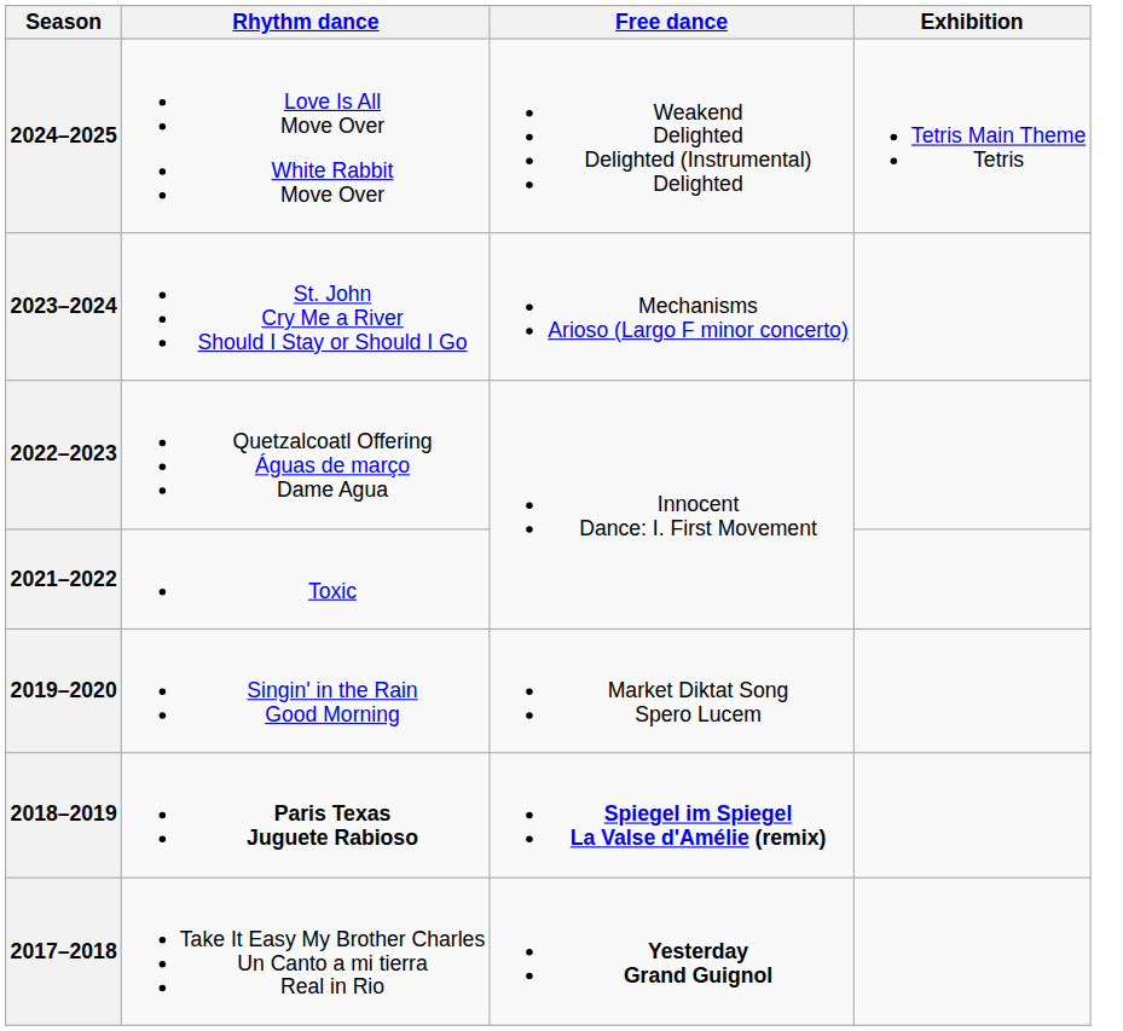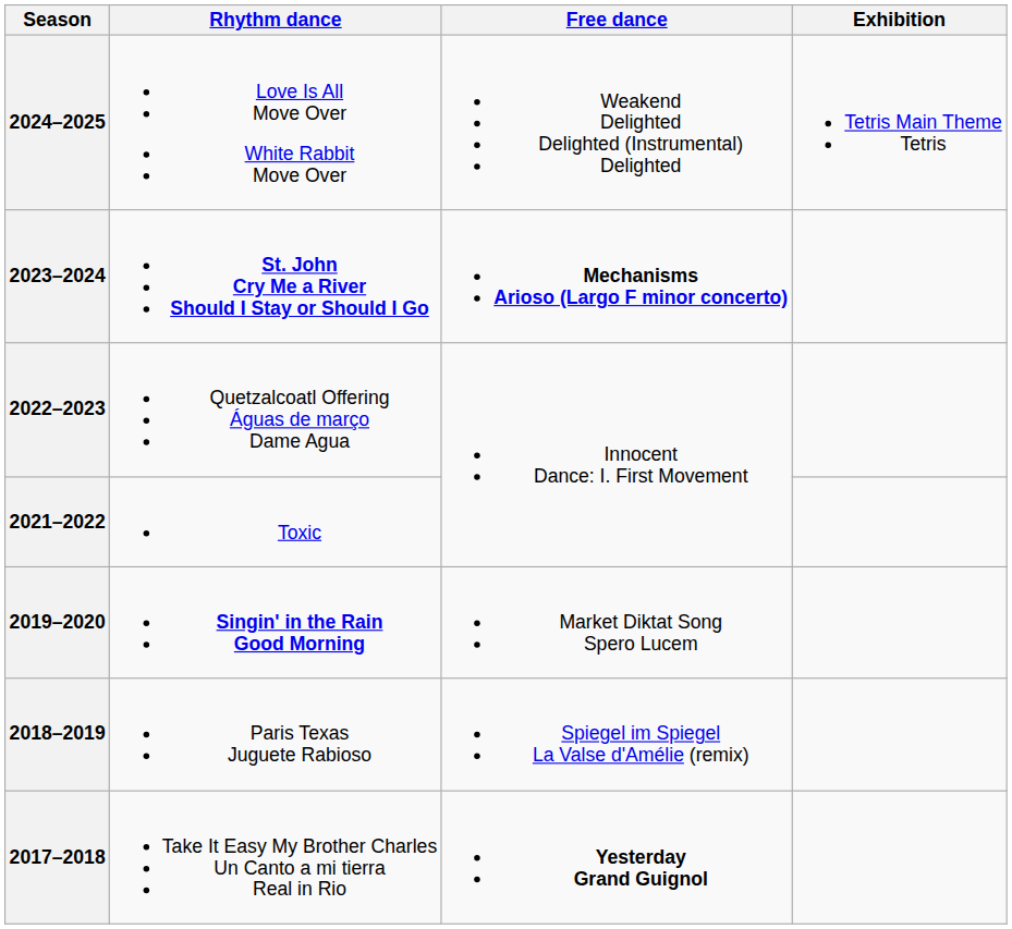 <table class=wikitable style=text-align:center>
 <tr>
 <th>Season</th>
 <th><a href='#'>Rhythm dance</a></th>
 <th><a href='#'>Free dance</a></th>
 <th>Exhibition</th>
 </tr>
 <tr>
 <th>2024–2025 <br> </th>
 <td><br><ul><li><a href='#'>Love Is All</a> <br> </li><li>Move Over <br> </li></ul><ul><li><a href='#'>White Rabbit</a> <br> </li><li>Move Over <br> </li></ul></td>
 <td><br><ul><li>Weakend</li><li>Delighted</li><li>Delighted (Instrumental)</li><li>Delighted <br> </li></ul></td>
 <td><br><ul><li><a href='#'>Tetris Main Theme</a> <br> </li><li>Tetris <br> </li></ul></td>
 </tr>
 <tr>
 <th>2023–2024 <br> </th>
-<td><br><ul><li><a href='#'>St. John</a></li><li><a href='#'>Cry Me a River</a> <br> </li><li><a href='#'>Should I Stay or Should I Go</a> <br> </li></ul></td>
-<td><br><ul><li>Mechanisms <br> </li><li><a href='#'>Arioso (Largo F minor concerto)</a> <br> </li></ul></td>
+<td><strong><br><ul><li><a href='#'>St. John</a></li><li><a href='#'>Cry Me a River</a> <br> </li><li><a href='#'>Should I Stay or Should I Go</a> <br> </li></ul></strong></td>
+<td><strong><br><ul><li>Mechanisms <br> </li><li><a href='#'>Arioso (Largo F minor concerto)</a> <br> </li></ul></strong></td>
 <td></td>
 </tr>
 <tr>
 <th>2022–2023 <br> </th>
 <td><br><ul><li> Quetzalcoatl Offering <br> </li><li> <a href='#'>Águas de março</a> <br> </li><li> Dame Agua <br> </li></ul></td>
 <td rowspan=2><br><ul><li>Innocent <br> </li><li>Dance: I. First Movement <br> </li></ul></td>
 <td></td>
 </tr>
 <tr>
 <th>2021–2022</th>
 <td><br><ul><li><a href='#'>Toxic</a> <br> </li></ul></td>
 <td></td>
 </tr>
 <tr>
 <th>2019–2020 <br> </th>
-<td><br><ul><li> <a href='#'>Singin' in the Rain</a></li><li> <a href='#'>Good Morning</a> <br> </li></ul></td>
+<td><strong><br><ul><li> <a href='#'>Singin' in the Rain</a></li><li> <a href='#'>Good Morning</a> <br> </li></ul></strong></td>
 <td><br><ul><li>Market Diktat Song <br> </li><li>Spero Lucem <br> </li></ul></td>
 <td></td>
 </tr>
 <tr>
 <th>2018–2019 <br> </th>
-<td><strong><br><ul><li> Paris Texas <br> </li><li> Juguete Rabioso <br> </li></ul></strong></td>
-<td><strong><br><ul><li><a href='#'>Spiegel im Spiegel</a> <br> </li><li><a href='#'>La Valse d'Amélie</a> (remix)  <br> </li></ul></strong></td>
+<td><br><ul><li> Paris Texas <br> </li><li> Juguete Rabioso <br> </li></ul></td>
+<td><br><ul><li><a href='#'>Spiegel im Spiegel</a> <br> </li><li><a href='#'>La Valse d'Amélie</a> (remix)  <br> </li></ul></td>
 <td></td>
 </tr>
 <tr>
 <th>2017–2018 <br> </th>
 <td><br><ul><li> Take It Easy My Brother Charles <br> </li><li> Un Canto a mi tierra <br> </li><li> Real in Rio <br> </li></ul></td>
 <td><strong><br><ul><li>Yesterday <br> </li><li>Grand Guignol <br> </li></ul></strong></td>
 <td></td>
 </tr>
 </table>
